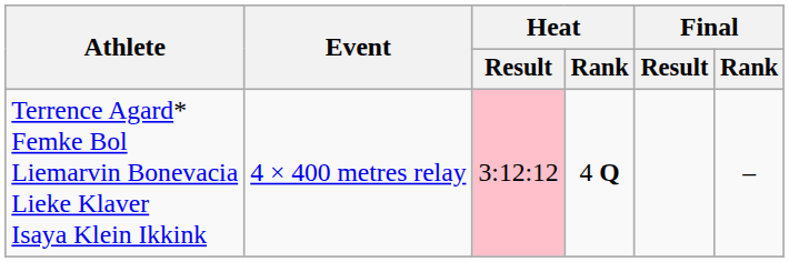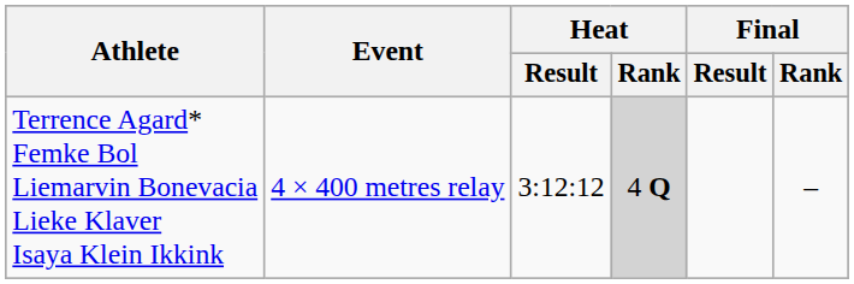 <table class="wikitable" style="font-size:90%">
 <tr>
 <th rowspan="2">Athlete</th>
 <th rowspan="2">Event</th>
 <th colspan="2">Heat</th>
 <th colspan="2">Final</th>
 </tr>
 <tr style="font-size:95%">
 <th>Result</th>
 <th>Rank</th>
 <th>Result</th>
 <th>Rank</th>
 </tr>
 <tr align="center">
 <td align="left"><a href='#'>Terrence Agard</a>*<br><a href='#'>Femke Bol</a><br><a href='#'>Liemarvin Bonevacia</a><br><a href='#'>Lieke Klaver</a><br><a href='#'>Isaya Klein Ikkink</a></td>
 <td align="left"><a href='#'>4 × 400 metres relay</a></td>
-<td style="background: pink;">3:12:12 </td>
-<td>4 <strong>Q</strong></td>
+<td>3:12:12 </td>
+<td style="background: lightgrey;">4 <strong>Q</strong></td>
 <td></td>
 <td>–</td>
 </tr>
 </table>
